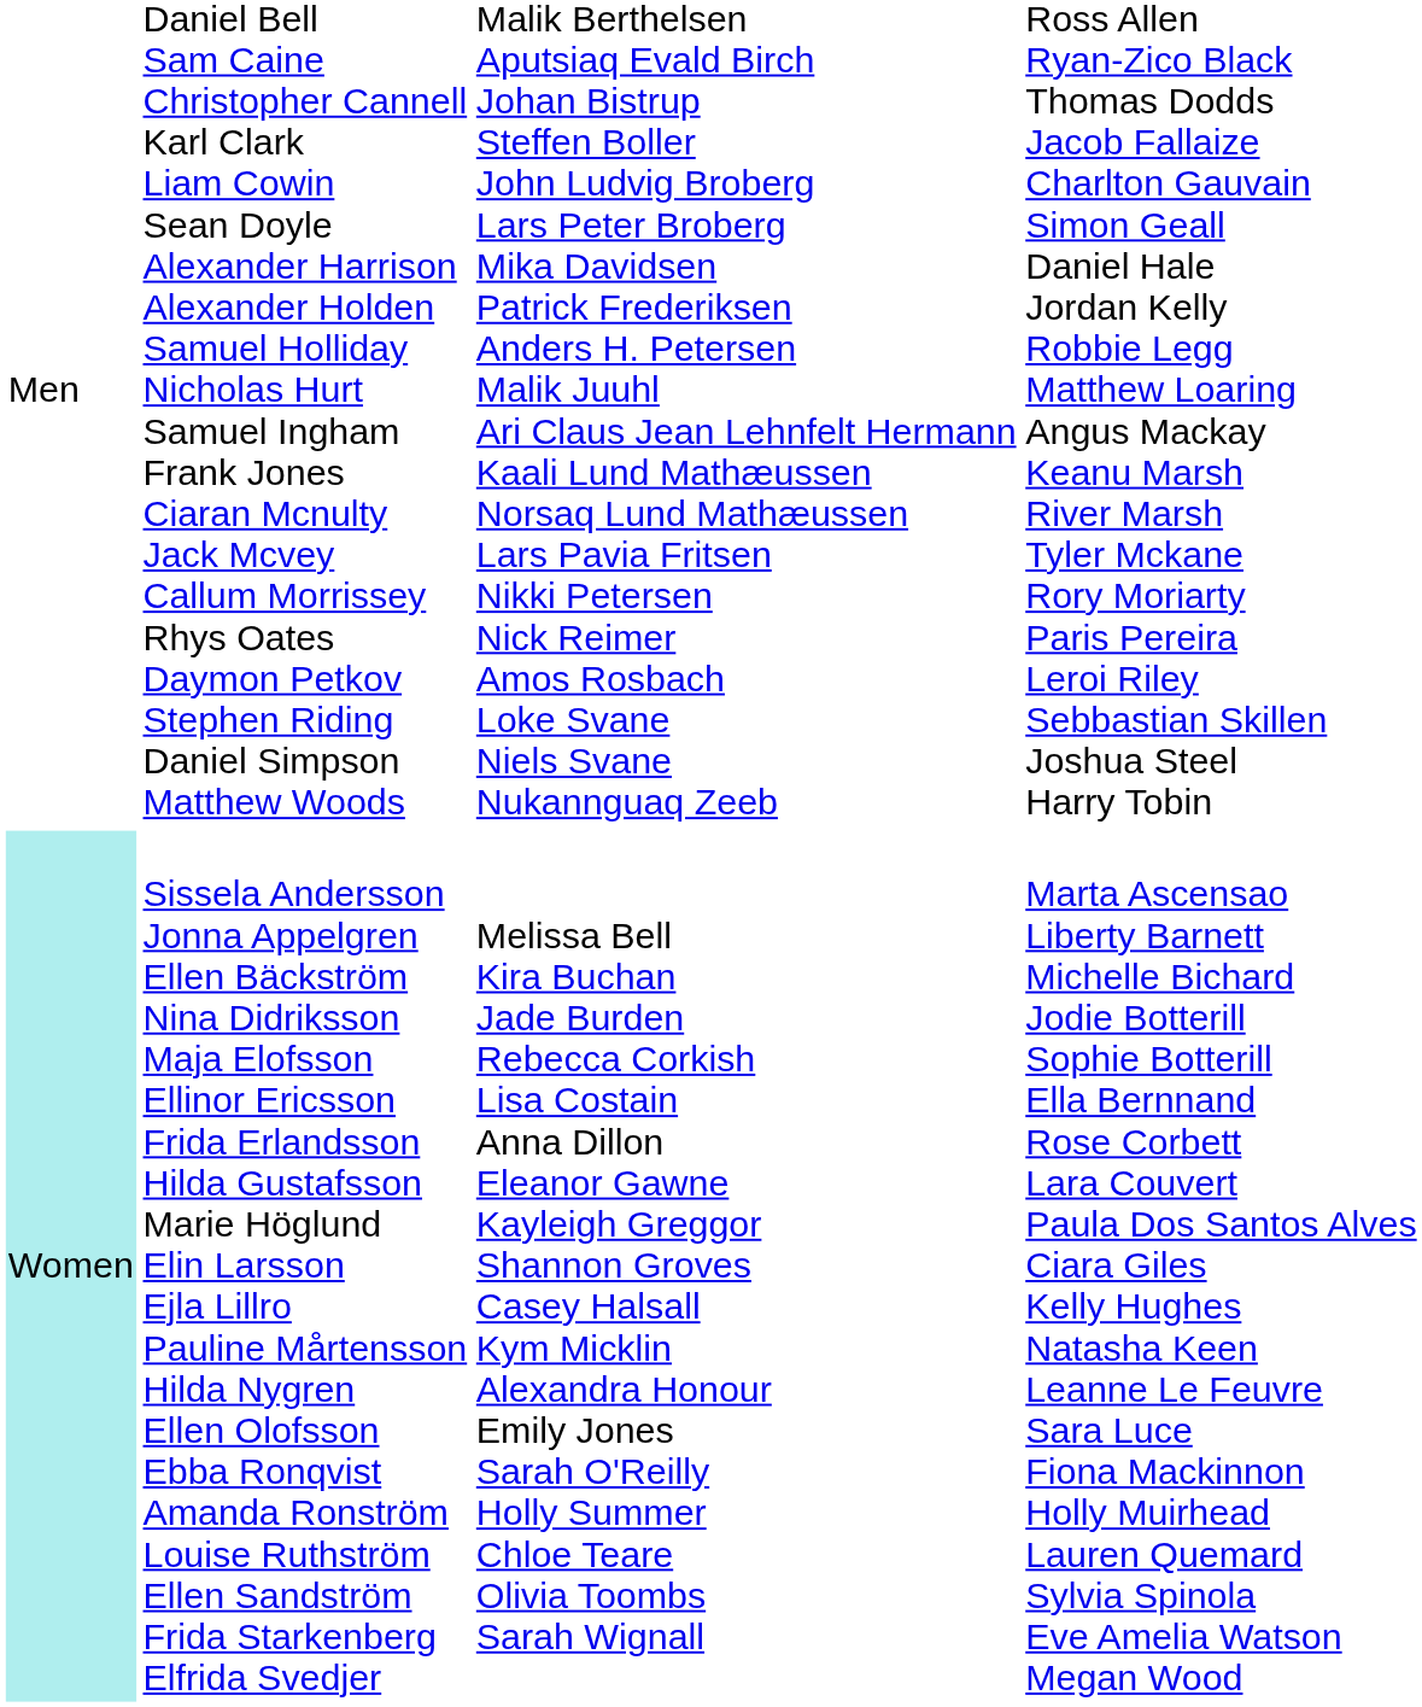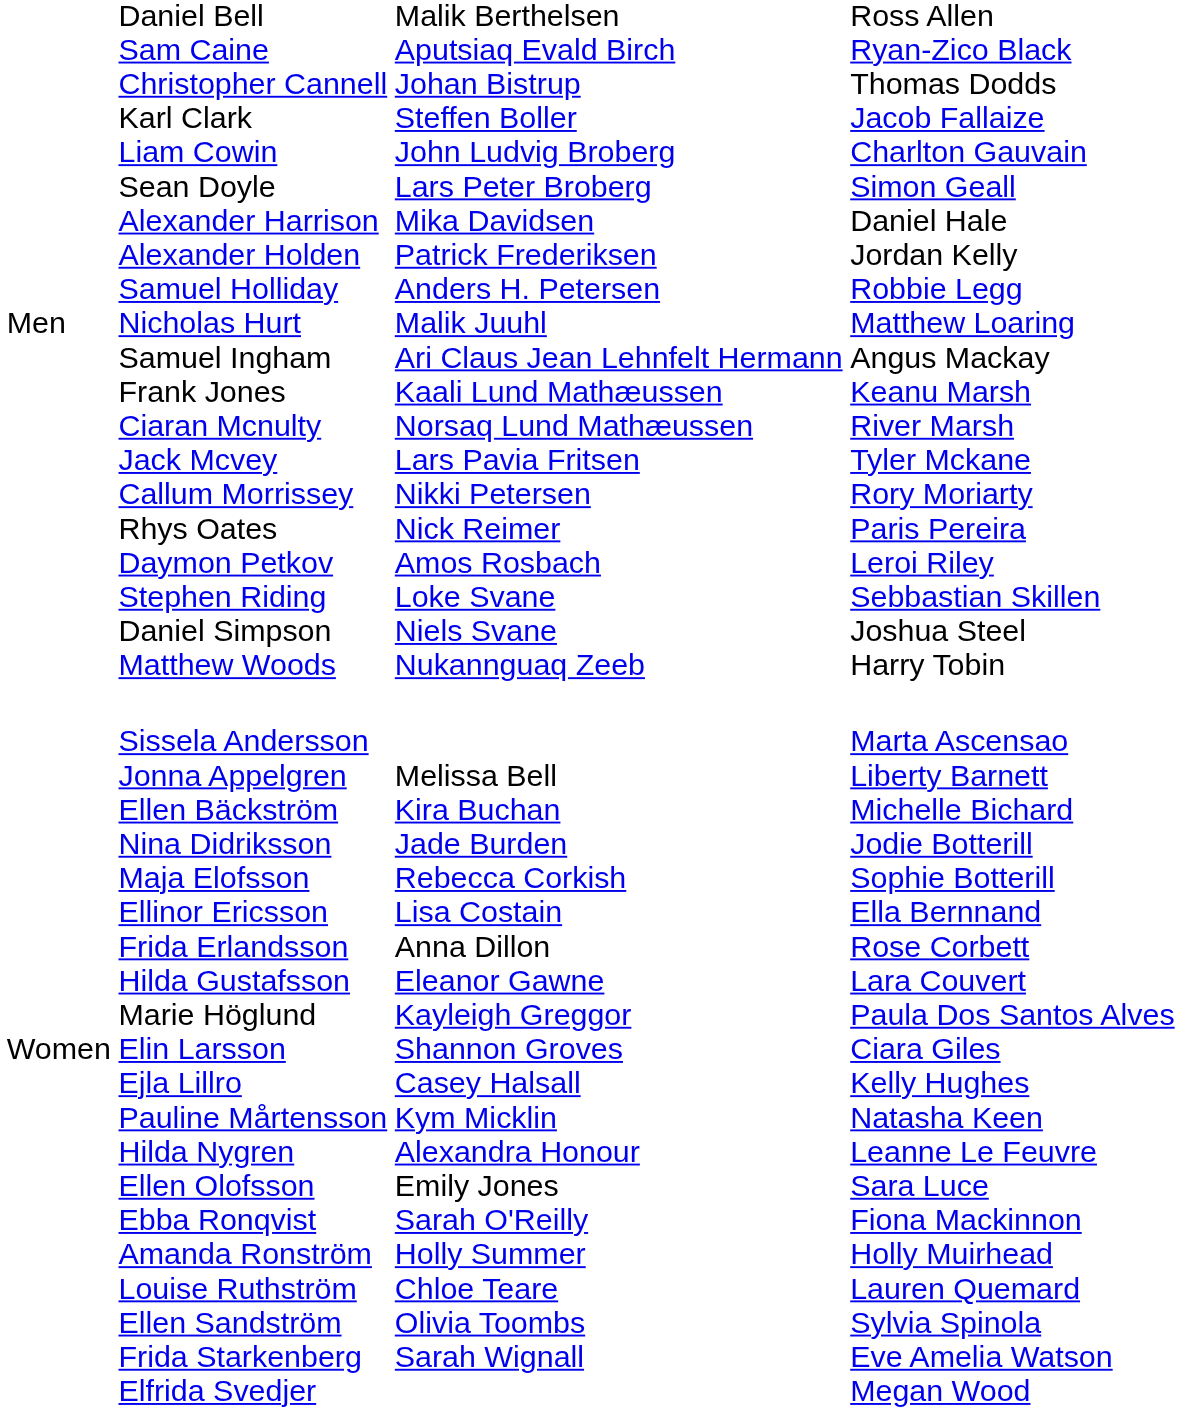 <table>
 <tr>
 <td>Men<br></td>
 <td><br>Daniel Bell<br><a href='#'>Sam Caine</a><br><a href='#'>Christopher Cannell</a><br>Karl Clark<br><a href='#'>Liam Cowin</a><br>Sean Doyle<br><a href='#'>Alexander Harrison</a><br><a href='#'>Alexander Holden</a><br><a href='#'>Samuel Holliday</a><br><a href='#'>Nicholas Hurt</a><br>Samuel Ingham<br>Frank Jones<br><a href='#'>Ciaran Mcnulty</a><br><a href='#'>Jack Mcvey</a><br><a href='#'>Callum Morrissey</a><br>Rhys Oates<br><a href='#'>Daymon Petkov</a><br><a href='#'>Stephen Riding</a><br>Daniel Simpson<br><a href='#'>Matthew Woods</a></td>
 <td><br>Malik Berthelsen<br><a href='#'>Aputsiaq Evald Birch</a><br><a href='#'>Johan Bistrup</a><br><a href='#'>Steffen Boller</a><br><a href='#'>John Ludvig Broberg</a><br><a href='#'>Lars Peter Broberg</a><br><a href='#'>Mika Davidsen</a><br><a href='#'>Patrick Frederiksen</a><br><a href='#'>Anders H. Petersen</a><br><a href='#'>Malik Juuhl</a><br><a href='#'>Ari Claus Jean Lehnfelt Hermann</a><br><a href='#'>Kaali Lund Mathæussen</a><br><a href='#'>Norsaq Lund Mathæussen</a><br><a href='#'>Lars Pavia Fritsen</a><br><a href='#'>Nikki Petersen</a><br><a href='#'>Nick Reimer</a><br><a href='#'>Amos Rosbach</a><br><a href='#'>Loke Svane</a><br><a href='#'>Niels Svane</a><br><a href='#'>Nukannguaq Zeeb</a></td>
 <td><br>Ross Allen<br><a href='#'>Ryan-Zico Black</a><br>Thomas Dodds<br><a href='#'>Jacob Fallaize</a><br><a href='#'>Charlton Gauvain</a><br><a href='#'>Simon Geall</a><br>Daniel Hale<br>Jordan Kelly<br><a href='#'>Robbie Legg</a><br><a href='#'>Matthew Loaring</a><br>Angus Mackay<br><a href='#'>Keanu Marsh</a><br><a href='#'>River Marsh</a><br><a href='#'>Tyler Mckane</a><br><a href='#'>Rory Moriarty</a><br><a href='#'>Paris Pereira</a><br><a href='#'>Leroi Riley</a><br><a href='#'>Sebbastian Skillen</a><br>Joshua Steel<br>Harry Tobin</td>
 </tr>
 <tr>
-<td style="background: paleturquoise;">Women<br></td>
+<td>Women<br></td>
 <td><br><a href='#'>Sissela Andersson</a><br><a href='#'>Jonna Appelgren</a><br><a href='#'>Ellen Bäckström</a><br><a href='#'>Nina Didriksson</a><br><a href='#'>Maja Elofsson</a><br><a href='#'>Ellinor Ericsson</a><br><a href='#'>Frida Erlandsson</a><br><a href='#'>Hilda Gustafsson</a><br>Marie Höglund<br><a href='#'>Elin Larsson</a><br><a href='#'>Ejla Lillro</a><br><a href='#'>Pauline Mårtensson</a><br><a href='#'>Hilda Nygren</a><br><a href='#'>Ellen Olofsson</a><br><a href='#'>Ebba Ronqvist</a><br><a href='#'>Amanda Ronström</a><br><a href='#'>Louise Ruthström</a><br><a href='#'>Ellen Sandström</a><br><a href='#'>Frida Starkenberg</a><br><a href='#'>Elfrida Svedjer</a></td>
 <td><br>Melissa Bell<br><a href='#'>Kira Buchan</a><br><a href='#'>Jade Burden</a><br><a href='#'>Rebecca Corkish</a><br><a href='#'>Lisa Costain</a><br>Anna Dillon<br><a href='#'>Eleanor Gawne</a><br><a href='#'>Kayleigh Greggor</a><br><a href='#'>Shannon Groves</a><br><a href='#'>Casey Halsall</a><br><a href='#'>Kym Micklin</a><br><a href='#'>Alexandra Honour</a><br>Emily Jones<br><a href='#'>Sarah O'Reilly</a><br><a href='#'>Holly Summer</a><br><a href='#'>Chloe Teare</a><br><a href='#'>Olivia Toombs</a><br><a href='#'>Sarah Wignall</a></td>
 <td><br><a href='#'>Marta Ascensao</a><br><a href='#'>Liberty Barnett</a><br><a href='#'>Michelle Bichard</a><br><a href='#'>Jodie Botterill</a><br><a href='#'>Sophie Botterill</a><br><a href='#'>Ella Bernnand</a><br><a href='#'>Rose Corbett</a><br><a href='#'>Lara Couvert</a><br><a href='#'>Paula Dos Santos Alves</a><br><a href='#'>Ciara Giles</a><br><a href='#'>Kelly Hughes</a><br><a href='#'>Natasha Keen</a><br><a href='#'>Leanne Le Feuvre</a><br><a href='#'>Sara Luce</a><br><a href='#'>Fiona Mackinnon</a><br><a href='#'>Holly Muirhead</a><br><a href='#'>Lauren Quemard</a><br><a href='#'>Sylvia Spinola</a><br><a href='#'>Eve Amelia Watson</a><br><a href='#'>Megan Wood</a></td>
 </tr>
 </table>
